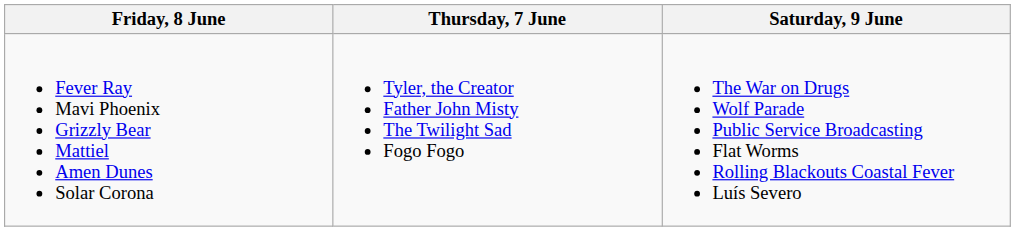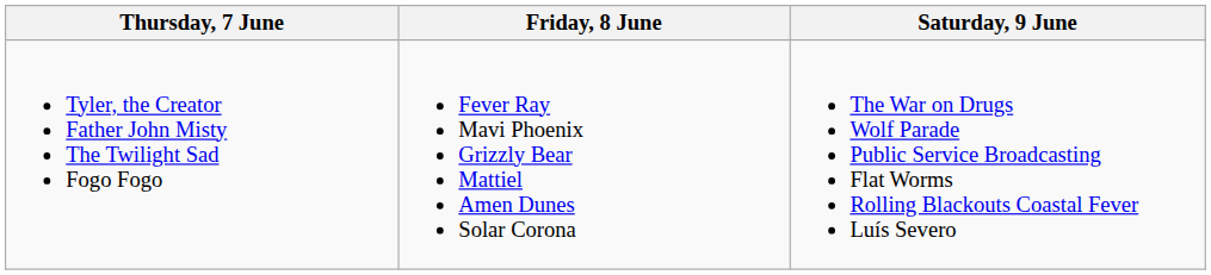 <table class="wikitable">
 <tr>
+<th width="500">Thursday, 7 June</th>
 <th width="500">Friday, 8 June</th>
-<th width="500">Thursday, 7 June</th>
 <th width="500">Saturday, 9 June</th>
 </tr>
 <tr valign="top">
+<td><br><ul><li><a href='#'>Tyler, the Creator</a></li><li><a href='#'>Father John Misty</a></li><li><a href='#'>The Twilight Sad</a></li><li>Fogo Fogo</li></ul></td>
 <td><br><ul><li><a href='#'>Fever Ray</a></li><li>Mavi Phoenix</li><li><a href='#'>Grizzly Bear</a></li><li><a href='#'>Mattiel</a></li><li><a href='#'>Amen Dunes</a></li><li>Solar Corona</li></ul></td>
-<td><br><ul><li><a href='#'>Tyler, the Creator</a></li><li><a href='#'>Father John Misty</a></li><li><a href='#'>The Twilight Sad</a></li><li>Fogo Fogo</li></ul></td>
 <td><br><ul><li><a href='#'>The War on Drugs</a></li><li><a href='#'>Wolf Parade</a></li><li><a href='#'>Public Service Broadcasting</a></li><li>Flat Worms</li><li><a href='#'>Rolling Blackouts Coastal Fever</a></li><li>Luís Severo</li></ul></td>
 </tr>
 </table>
